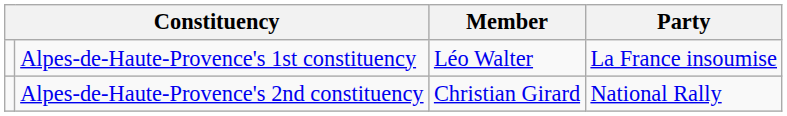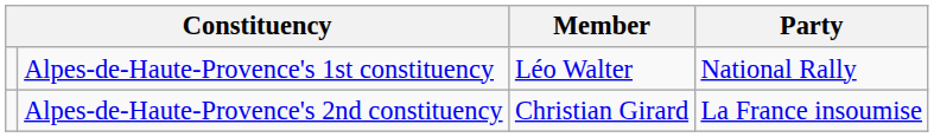 <table class="wikitable">
 <tr>
 <th colspan="2">Constituency</th>
 <th>Member</th>
 <th>Party</th>
 </tr>
 <tr>
 <td style="background-color: "></td>
 <td><a href='#'>Alpes-de-Haute-Provence's 1st constituency</a></td>
 <td><a href='#'>Léo Walter</a></td>
-<td><a href='#'>La France insoumise</a></td>
+<td><a href='#'>National Rally</a></td>
 </tr>
 <tr>
 <td style="background-color: "></td>
 <td><a href='#'>Alpes-de-Haute-Provence's 2nd constituency</a></td>
 <td><a href='#'>Christian Girard</a></td>
-<td><a href='#'>National Rally</a></td>
+<td><a href='#'>La France insoumise</a></td>
 </tr>
 </table>
